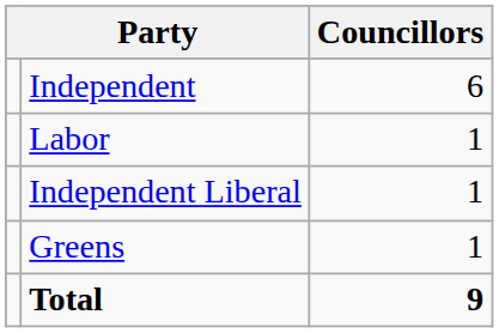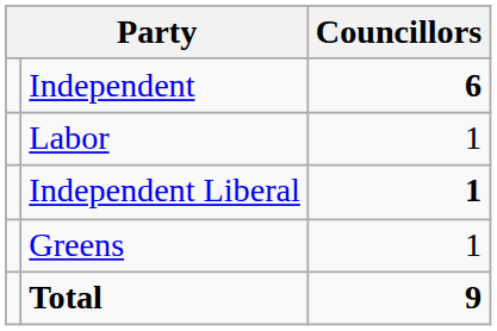 <table class="wikitable">
 <tr>
 <th colspan="2">Party</th>
 <th>Councillors</th>
 </tr>
 <tr>
 <td></td>
 <td><a href='#'>Independent</a></td>
-<td align="right">6</td>
+<td align="right"><strong>6</strong></td>
 </tr>
 <tr>
 <td></td>
 <td><a href='#'>Labor</a></td>
 <td align="right">1</td>
 </tr>
 <tr>
 <td></td>
 <td><a href='#'>Independent Liberal</a></td>
-<td align="right">1</td>
+<td align="right"><strong>1</strong></td>
 </tr>
 <tr>
 <td></td>
 <td><a href='#'>Greens</a></td>
 <td align=right>1</td>
 </tr>
 <tr>
 <td></td>
 <td><strong>Total</strong></td>
 <td align=right><strong>9</strong></td>
 </tr>
 </table>
